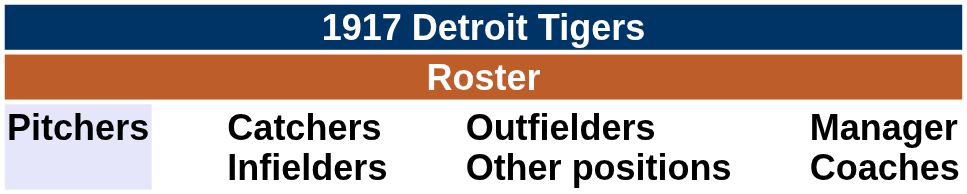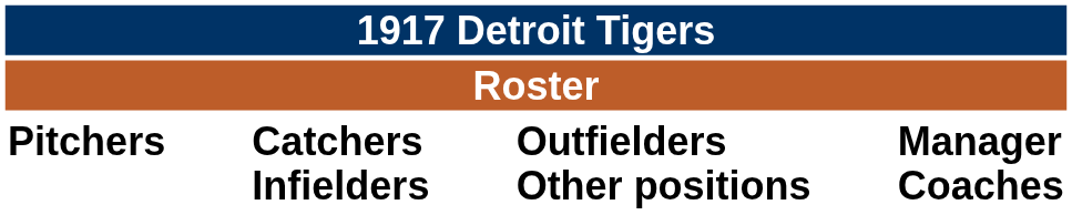 <table class="toccolours" style="font-size: 95%;">
 <tr>
 <th colspan="10" style="background-color: #003366; color: white; text-align: center;">1917 Detroit Tigers</th>
 </tr>
 <tr>
 <td colspan="10" style="background-color: #bd5d29; color: white; text-align: center;"><strong>Roster</strong></td>
 </tr>
 <tr>
-<td valign="top" style="background: lavender;"><strong>Pitchers</strong><br>        </td>
+<td valign="top"><strong>Pitchers</strong><br>        </td>
 <td width="25px"></td>
 <td valign="top"><strong>Catchers</strong><br>   <strong>Infielders</strong>         </td>
 <td width="25px"></td>
 <td valign="top"><strong>Outfielders</strong><br>      <strong>Other positions</strong> </td>
 <td width="25px"></td>
 <td valign="top"><strong>Manager</strong><br> <strong>Coaches</strong> </td>
 </tr>
 </table>
